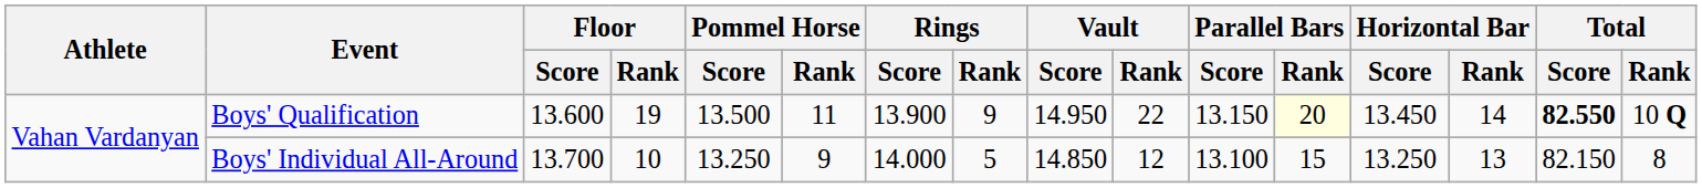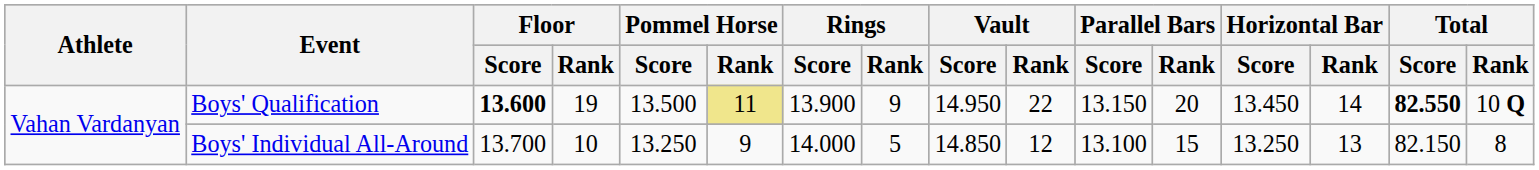 <table class="wikitable" border="1" style="font-size:90%">
 <tr>
 <th rowspan=2>Athlete</th>
 <th rowspan=2>Event</th>
 <th colspan=2>Floor</th>
 <th colspan=2>Pommel Horse</th>
 <th colspan=2>Rings</th>
 <th colspan=2>Vault</th>
 <th colspan=2>Parallel Bars</th>
 <th colspan=2>Horizontal Bar</th>
 <th colspan=2>Total</th>
 </tr>
 <tr>
 <th>Score</th>
 <th>Rank</th>
 <th>Score</th>
 <th>Rank</th>
 <th>Score</th>
 <th>Rank</th>
 <th>Score</th>
 <th>Rank</th>
 <th>Score</th>
 <th>Rank</th>
 <th>Score</th>
 <th>Rank</th>
 <th>Score</th>
 <th>Rank</th>
 </tr>
 <tr>
 <td rowspan=2><a href='#'>Vahan Vardanyan</a></td>
 <td><a href='#'>Boys' Qualification</a></td>
-<td align=center>13.600</td>
+<td align=center><strong>13.600</strong></td>
 <td align=center>19</td>
 <td align=center>13.500</td>
-<td align=center>11</td>
+<td align=center style="background: khaki;">11</td>
 <td align=center>13.900</td>
 <td align=center>9</td>
 <td align=center>14.950</td>
 <td align=center>22</td>
 <td align=center>13.150</td>
-<td align=center style="background: lightyellow;">20</td>
+<td align=center>20</td>
 <td align=center>13.450</td>
 <td align=center>14</td>
 <td align=center><strong>82.550</strong></td>
 <td align=center>10 <strong>Q</strong></td>
 </tr>
 <tr>
 <td><a href='#'>Boys' Individual All-Around</a></td>
 <td align=center>13.700</td>
 <td align=center>10</td>
 <td align=center>13.250</td>
 <td align=center>9</td>
 <td align=center>14.000</td>
 <td align=center>5</td>
 <td align=center>14.850</td>
 <td align=center>12</td>
 <td align=center>13.100</td>
 <td align=center>15</td>
 <td align=center>13.250</td>
 <td align=center>13</td>
 <td align=center>82.150</td>
 <td align=center>8</td>
 </tr>
 </table>
